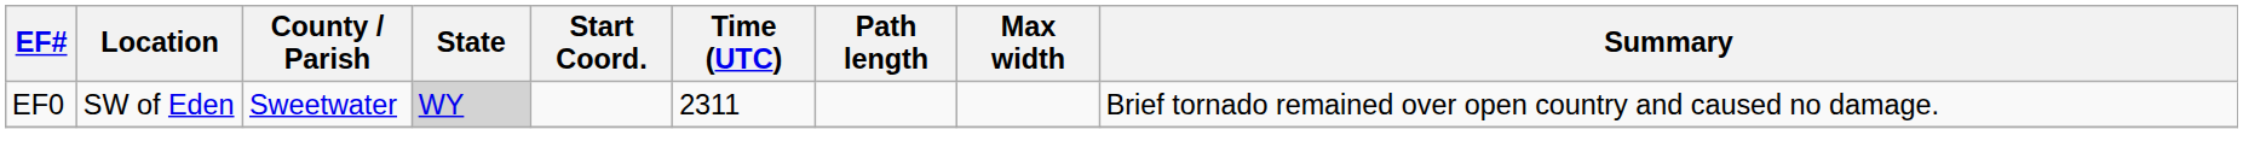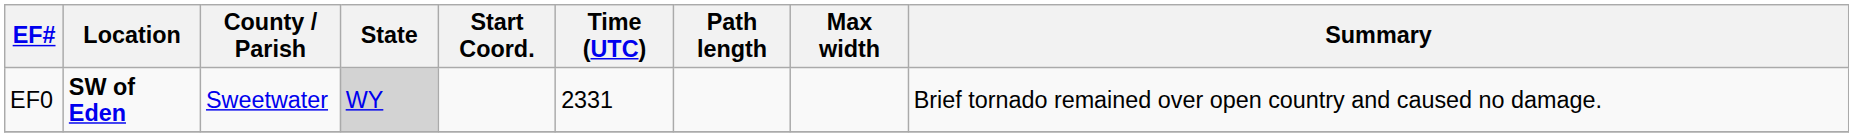 <table class="wikitable sortable" style="width:100%;">
 <tr>
 <th scope="col" width="3%" align="center"><a href='#'>EF#</a></th>
 <th scope="col" width="7%" align="center" class="unsortable">Location</th>
 <th scope="col" width="6%" align="center" class="unsortable">County / Parish</th>
 <th scope="col" width="5%" align="center">State</th>
 <th scope="col" width="6%" align="center">Start Coord.</th>
 <th scope="col" width="6%" align="center">Time (<a href='#'>UTC</a>)</th>
 <th scope="col" width="6%" align="center">Path length</th>
 <th scope="col" width="6%" align="center">Max width</th>
 <th scope="col" width="48%" class="unsortable" align="center">Summary</th>
 </tr>
 <tr>
 <td>EF0</td>
-<td>SW of <a href='#'>Eden</a></td>
+<td><strong>SW of <a href='#'>Eden</a></strong></td>
 <td><a href='#'>Sweetwater</a></td>
 <td style="background: lightgrey;"><a href='#'>WY</a></td>
 <td></td>
-<td>2311</td>
+<td>2331</td>
 <td></td>
 <td></td>
 <td>Brief tornado remained over open country and caused no damage.</td>
 </tr>
 <tr>
 </tr>
 </table>
